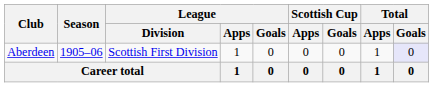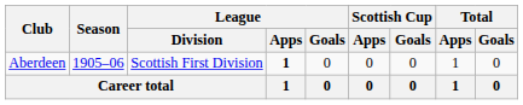 <table class="wikitable" style="text-align: center;">
 <tr>
 <th rowspan="2">Club</th>
 <th rowspan="2">Season</th>
 <th colspan="3">League</th>
 <th colspan="2">Scottish Cup</th>
 <th colspan="2">Total</th>
 </tr>
 <tr>
 <th>Division</th>
 <th>Apps</th>
 <th>Goals</th>
 <th>Apps</th>
 <th>Goals</th>
 <th>Apps</th>
 <th>Goals</th>
 </tr>
 <tr>
 <td><a href='#'>Aberdeen</a></td>
 <td><a href='#'>1905–06</a></td>
 <td><a href='#'>Scottish First Division</a></td>
-<td>1</td>
+<td><strong>1</strong></td>
 <td>0</td>
 <td>0</td>
 <td>0</td>
 <td>1</td>
-<td style="background: lavender;">0</td>
+<td>0</td>
 </tr>
 <tr>
 <th colspan="3">Career total</th>
 <th>1</th>
 <th>0</th>
 <th>0</th>
 <th>0</th>
 <th>1</th>
 <th>0</th>
 </tr>
 </table>
